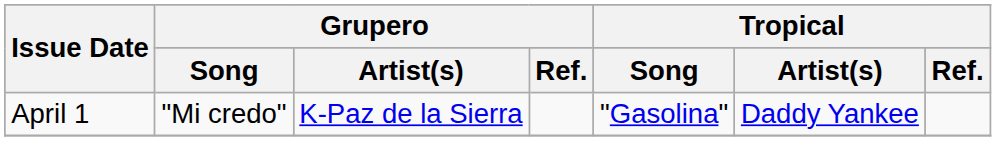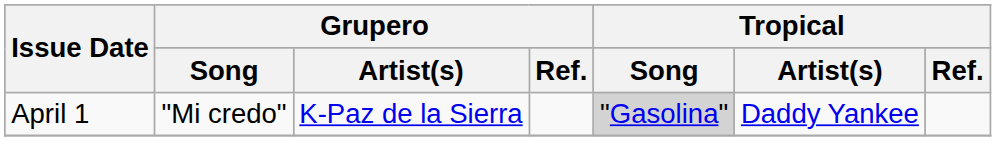 <table class="wikitable">
 <tr>
 <th style="text-align: center;" rowspan="2">Issue Date</th>
 <th style="text-align: center;" colspan="3">Grupero</th>
 <th style="text-align: center;" colspan="3">Tropical</th>
 </tr>
 <tr>
 <th>Song</th>
 <th>Artist(s)</th>
 <th>Ref.</th>
 <th>Song</th>
 <th>Artist(s)</th>
 <th>Ref.</th>
 </tr>
 <tr>
 <td>April 1</td>
 <td align="center">"Mi credo"</td>
 <td align="center"><a href='#'>K-Paz de la Sierra</a></td>
 <td align="center"></td>
-<td align="center">"<a href='#'>Gasolina</a>"</td>
+<td align="center" style="background: lightgrey;">"<a href='#'>Gasolina</a>"</td>
 <td align="center"><a href='#'>Daddy Yankee</a></td>
 <td align="center"></td>
 </tr>
 <tr>
 </tr>
 </table>
